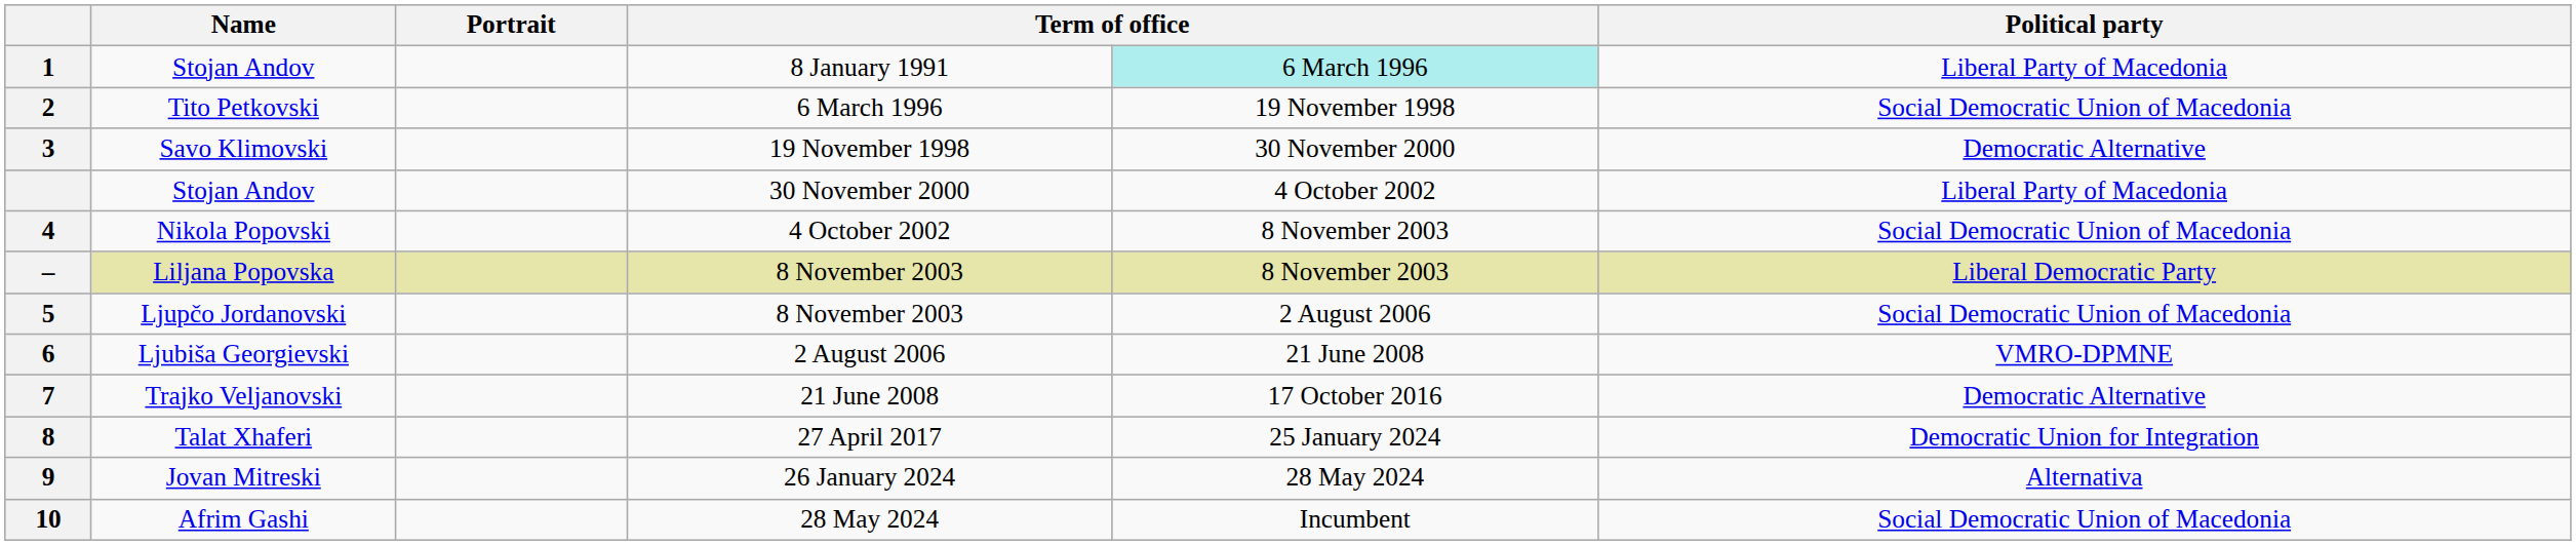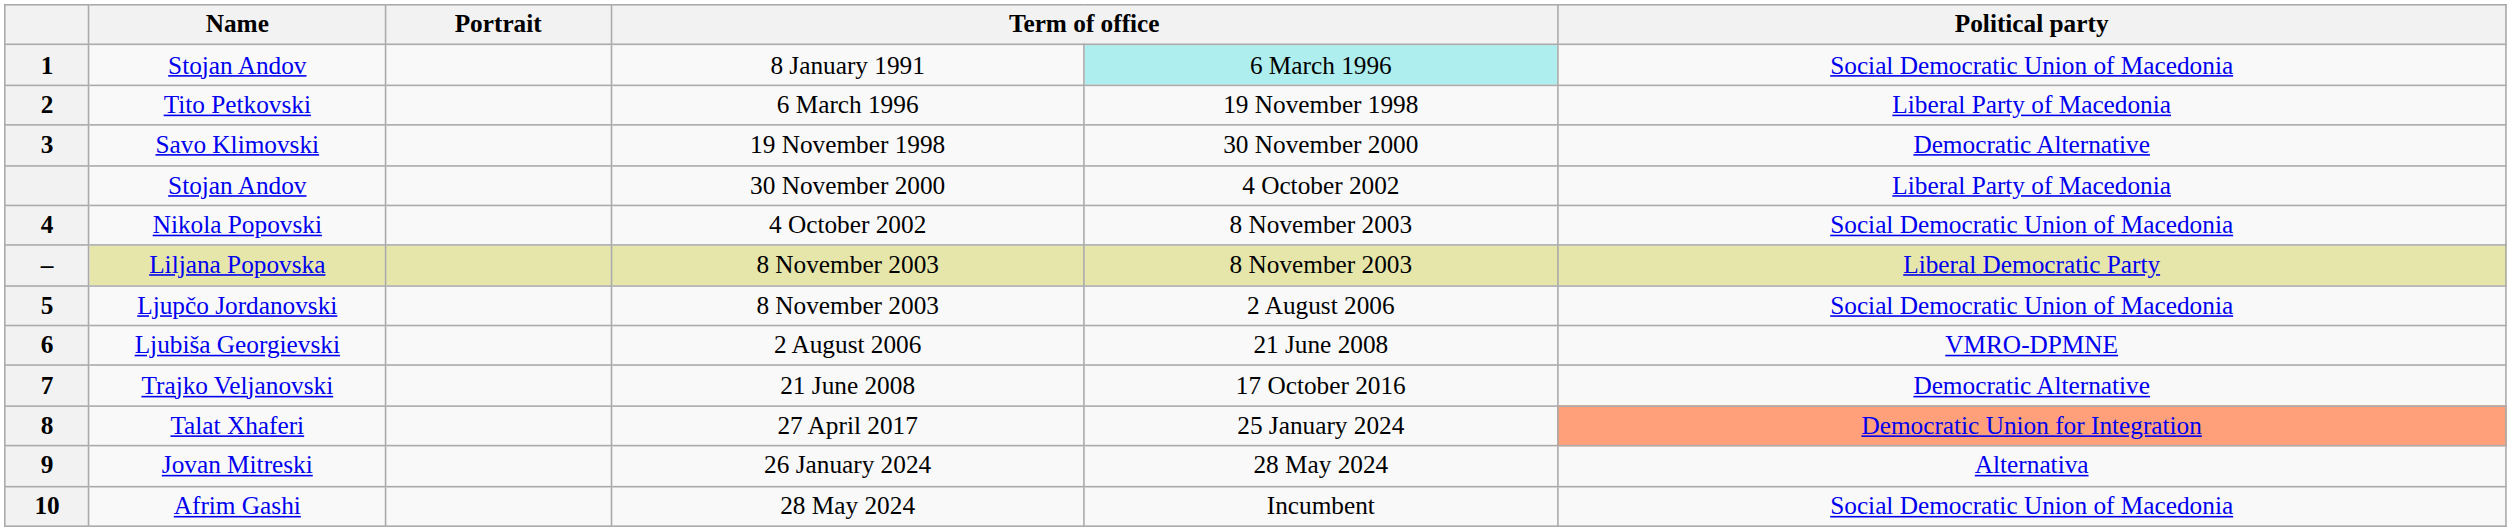 <table class="wikitable" style="text-align:center; width:100%;">
 <tr>
 <th></th>
 <th width=180>Name<br></th>
 <th>Portrait</th>
 <th colspan=2>Term of office</th>
 <th>Political party</th>
 </tr>
 <tr>
 <th style="background:">1</th>
 <td><a href='#'>Stojan Andov</a><br></td>
 <td></td>
 <td>8 January 1991</td>
 <td style="background: paleturquoise;">6 March 1996</td>
-<td><a href='#'>Liberal Party of Macedonia</a></td>
+<td><a href='#'>Social Democratic Union of Macedonia</a></td>
 </tr>
 <tr>
 <th style="background:">2</th>
 <td><a href='#'>Tito Petkovski</a><br></td>
 <td></td>
 <td>6 March 1996</td>
 <td>19 November 1998</td>
-<td><a href='#'>Social Democratic Union of Macedonia</a></td>
+<td><a href='#'>Liberal Party of Macedonia</a></td>
 </tr>
 <tr>
 <th style="background:">3</th>
 <td><a href='#'>Savo Klimovski</a><br></td>
 <td></td>
 <td>19 November 1998</td>
 <td>30 November 2000</td>
 <td><a href='#'>Democratic Alternative</a></td>
 </tr>
 <tr>
 <th style="background:"></th>
 <td><a href='#'>Stojan Andov</a><br></td>
 <td></td>
 <td>30 November 2000</td>
 <td>4 October 2002</td>
 <td><a href='#'>Liberal Party of Macedonia</a></td>
 </tr>
 <tr>
 <th style="background:">4</th>
 <td><a href='#'>Nikola Popovski</a><br></td>
 <td></td>
 <td>4 October 2002</td>
 <td>8 November 2003</td>
 <td><a href='#'>Social Democratic Union of Macedonia</a></td>
 </tr>
 <tr bgcolor=#E6E6AA>
 <th style="background:">–</th>
 <td><a href='#'>Liljana Popovska</a><br></td>
 <td></td>
 <td>8 November 2003</td>
 <td>8 November 2003</td>
 <td><a href='#'>Liberal Democratic Party</a></td>
 </tr>
 <tr>
 <th style="background:">5</th>
 <td><a href='#'>Ljupčo Jordanovski</a><br></td>
 <td></td>
 <td>8 November 2003</td>
 <td>2 August 2006</td>
 <td><a href='#'>Social Democratic Union of Macedonia</a></td>
 </tr>
 <tr>
 <th style="background:">6</th>
 <td><a href='#'>Ljubiša Georgievski</a><br></td>
 <td></td>
 <td>2 August 2006</td>
 <td>21 June 2008</td>
 <td><a href='#'>VMRO-DPMNE</a></td>
 </tr>
 <tr>
 <th style="background:">7</th>
 <td><a href='#'>Trajko Veljanovski</a><br></td>
 <td></td>
 <td>21 June 2008</td>
 <td>17 October 2016</td>
 <td><a href='#'>Democratic Alternative</a></td>
 </tr>
 <tr>
 <th style="background:">8</th>
 <td><a href='#'>Talat Xhaferi</a><br></td>
 <td></td>
 <td>27 April 2017</td>
 <td>25 January 2024</td>
-<td><a href='#'>Democratic Union for Integration</a></td>
+<td style="background: lightsalmon;"><a href='#'>Democratic Union for Integration</a></td>
 </tr>
 <tr>
 <th style="background:">9</th>
 <td><a href='#'>Jovan Mitreski</a><br></td>
 <td></td>
 <td>26 January 2024</td>
 <td>28 May 2024</td>
 <td><a href='#'>Alternativa</a></td>
 </tr>
 <tr>
 <th style="background:">10</th>
 <td><a href='#'>Afrim Gashi</a><br></td>
 <td></td>
 <td>28 May 2024</td>
 <td>Incumbent</td>
 <td><a href='#'>Social Democratic Union of Macedonia</a></td>
 </tr>
 </table>
